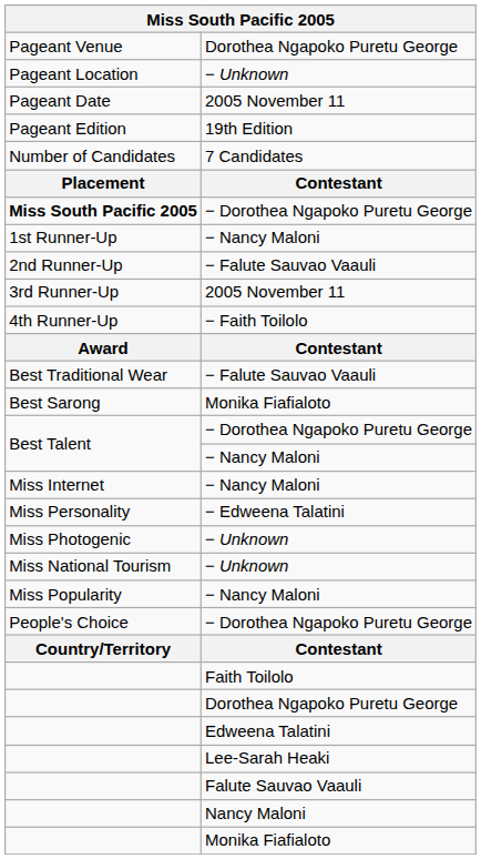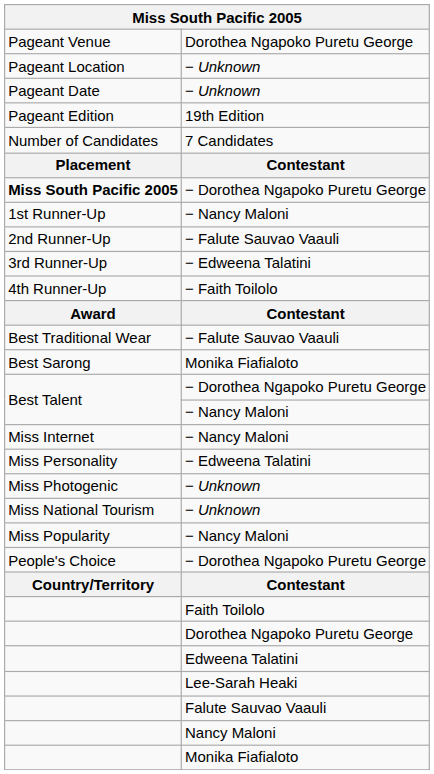 <table class="wikitable sortable" style="font-size: 80%;">
 <tr>
 <th colspan="2"><strong>Miss South Pacific 2005</strong></th>
 </tr>
 <tr>
 <td>Pageant Venue</td>
 <td>Dorothea Ngapoko Puretu George</td>
 </tr>
 <tr>
 <td>Pageant Location</td>
 <td> − <em>Unknown</em></td>
 </tr>
 <tr>
 <td>Pageant Date</td>
-<td>2005 November 11</td>
+<td> − <em>Unknown</em></td>
 </tr>
 <tr>
 <td>Pageant Edition</td>
 <td>19th Edition</td>
 </tr>
 <tr>
 <td>Number of Candidates</td>
 <td>7 Candidates</td>
 </tr>
 <tr>
 <th>Placement</th>
 <th>Contestant</th>
 </tr>
 <tr>
 <td><strong>Miss South Pacific 2005</strong></td>
 <td> − Dorothea Ngapoko Puretu George</td>
 </tr>
 <tr>
 <td>1st Runner-Up</td>
 <td> − Nancy Maloni</td>
 </tr>
 <tr>
 <td>2nd Runner-Up</td>
 <td> − Falute Sauvao Vaauli</td>
 </tr>
 <tr>
 <td>3rd Runner-Up</td>
-<td>2005 November 11</td>
+<td> − Edweena Talatini</td>
 </tr>
 <tr>
 <td>4th Runner-Up</td>
 <td> − Faith Toilolo</td>
 </tr>
 <tr>
 <th>Award</th>
 <th>Contestant</th>
 </tr>
 <tr>
 <td>Best Traditional Wear</td>
 <td> − Falute Sauvao Vaauli</td>
 </tr>
 <tr>
 <td>Best Sarong</td>
 <td>Monika Fiafialoto</td>
 </tr>
 <tr>
 <td rowspan="2">Best Talent</td>
 <td> − Dorothea Ngapoko Puretu George</td>
 </tr>
 <tr>
 <td> − Nancy Maloni</td>
 </tr>
 <tr>
 <td>Miss Internet</td>
 <td> − Nancy Maloni</td>
 </tr>
 <tr>
 <td>Miss Personality</td>
 <td> − Edweena Talatini</td>
 </tr>
 <tr>
 <td>Miss Photogenic</td>
 <td> − <em>Unknown</em></td>
 </tr>
 <tr>
 <td>Miss National Tourism</td>
 <td> − <em>Unknown</em></td>
 </tr>
 <tr>
 <td>Miss Popularity</td>
 <td> − Nancy Maloni</td>
 </tr>
 <tr>
 <td>People's Choice</td>
 <td> − Dorothea Ngapoko Puretu George</td>
 </tr>
 <tr>
 <th><strong>Country/Territory</strong></th>
 <th>Contestant</th>
 </tr>
 <tr>
 <td></td>
 <td>Faith Toilolo</td>
 </tr>
 <tr>
 <td></td>
 <td>Dorothea Ngapoko Puretu George</td>
 </tr>
 <tr>
 <td></td>
 <td>Edweena Talatini</td>
 </tr>
 <tr>
 <td></td>
 <td>Lee-Sarah Heaki</td>
 </tr>
 <tr>
 <td></td>
 <td>Falute Sauvao Vaauli</td>
 </tr>
 <tr>
 <td></td>
 <td>Nancy Maloni</td>
 </tr>
 <tr>
 <td></td>
 <td>Monika Fiafialoto</td>
 </tr>
 </table>
